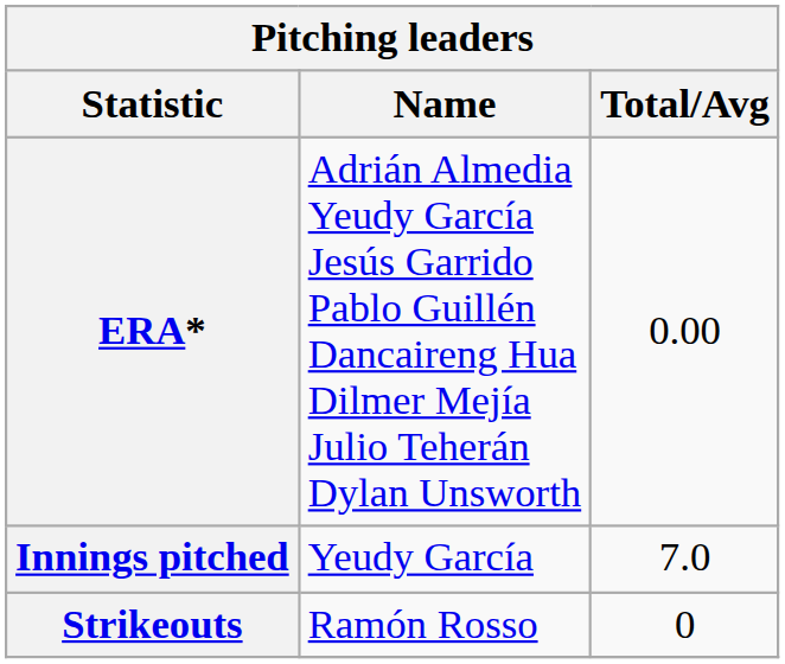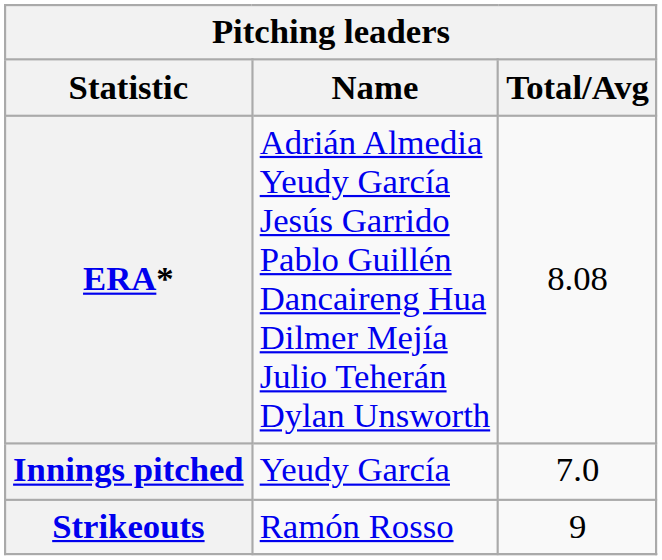 <table class="wikitable plainrowheaders">
 <tr>
 <th colspan="4">Pitching leaders</th>
 </tr>
 <tr>
 <th scope="col">Statistic</th>
 <th scope="col">Name</th>
 <th scope="col">Total/Avg</th>
 </tr>
 <tr>
 <th scope="row"><a href='#'>ERA</a>*</th>
 <td> <a href='#'>Adrián Almedia</a> <br> <a href='#'>Yeudy García</a> <br> <a href='#'>Jesús Garrido</a> <br> <a href='#'>Pablo Guillén</a> <br> <a href='#'>Dancaireng Hua</a> <br> <a href='#'>Dilmer Mejía</a> <br> <a href='#'>Julio Teherán</a> <br> <a href='#'>Dylan Unsworth</a></td>
-<td align="center">0.00</td>
+<td align="center">8.08</td>
 </tr>
 <tr>
 <th scope="row"><a href='#'>Innings pitched</a></th>
 <td> <a href='#'>Yeudy García</a></td>
 <td align=center>7.0</td>
 </tr>
 <tr>
 <th rowspan="2" scope="row"><a href='#'>Strikeouts</a></th>
 <td> <a href='#'>Ramón Rosso</a></td>
-<td align=center>0</td>
+<td align=center>9</td>
 </tr>
 <tr>
 </tr>
 </table>
